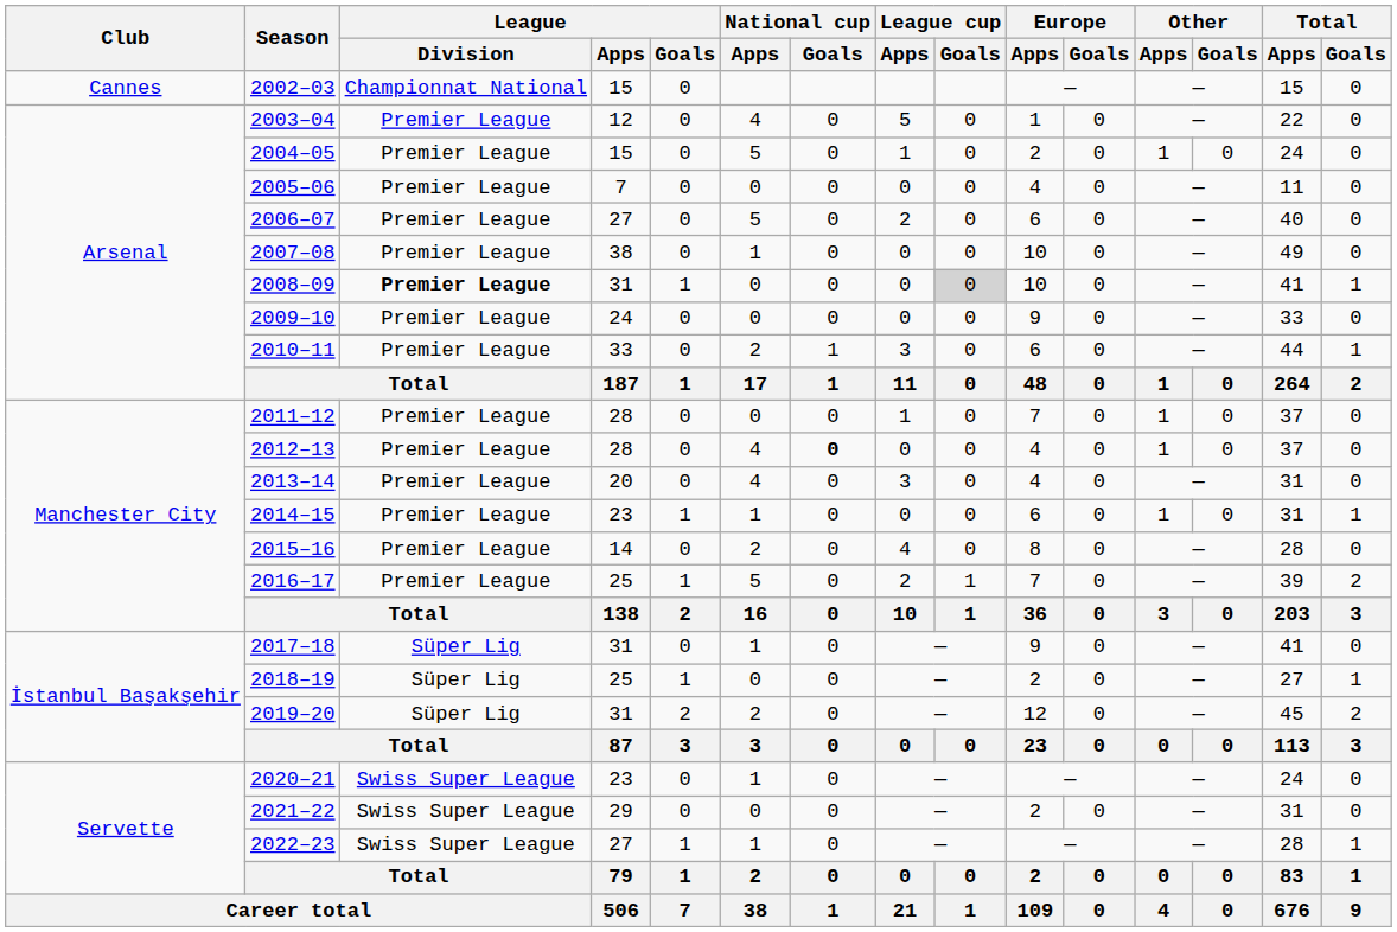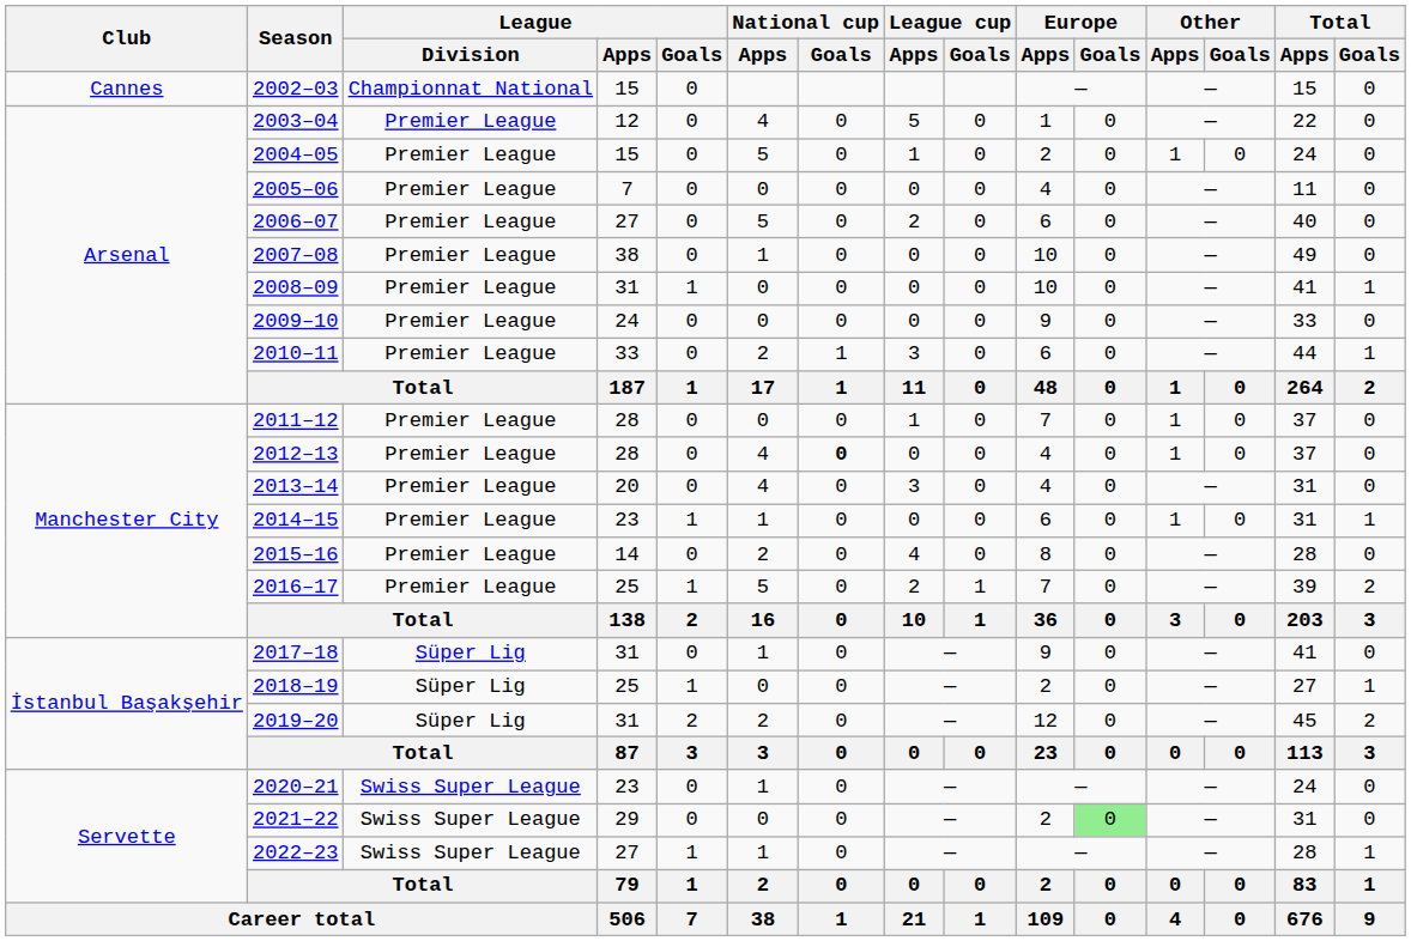 <table class="wikitable" style="text-align:center">
 <tr>
 <th rowspan="2">Club</th>
 <th rowspan="2">Season</th>
 <th colspan="3">League</th>
 <th colspan="2">National cup</th>
 <th colspan="2">League cup</th>
 <th colspan="2">Europe</th>
 <th colspan="2">Other</th>
 <th colspan="2">Total</th>
 </tr>
 <tr>
 <th>Division</th>
 <th>Apps</th>
 <th>Goals</th>
 <th>Apps</th>
 <th>Goals</th>
 <th>Apps</th>
 <th>Goals</th>
 <th>Apps</th>
 <th>Goals</th>
 <th>Apps</th>
 <th>Goals</th>
 <th>Apps</th>
 <th>Goals</th>
 </tr>
 <tr>
 <td><a href='#'>Cannes</a></td>
 <td><a href='#'>2002–03</a></td>
 <td><a href='#'>Championnat National</a></td>
 <td>15</td>
 <td>0</td>
 <td></td>
 <td></td>
 <td></td>
 <td></td>
 <td colspan="2">—</td>
 <td colspan="2">—</td>
 <td>15</td>
 <td>0</td>
 </tr>
 <tr>
 <td rowspan="9"><a href='#'>Arsenal</a></td>
 <td><a href='#'>2003–04</a></td>
 <td><a href='#'>Premier League</a></td>
 <td>12</td>
 <td>0</td>
 <td>4</td>
 <td>0</td>
 <td>5</td>
 <td>0</td>
 <td>1</td>
 <td>0</td>
 <td colspan="2">—</td>
 <td>22</td>
 <td>0</td>
 </tr>
 <tr>
 <td><a href='#'>2004–05</a></td>
 <td>Premier League</td>
 <td>15</td>
 <td>0</td>
 <td>5</td>
 <td>0</td>
 <td>1</td>
 <td>0</td>
 <td>2</td>
 <td>0</td>
 <td>1</td>
 <td>0</td>
 <td>24</td>
 <td>0</td>
 </tr>
 <tr>
 <td><a href='#'>2005–06</a></td>
 <td>Premier League</td>
 <td>7</td>
 <td>0</td>
 <td>0</td>
 <td>0</td>
 <td>0</td>
 <td>0</td>
 <td>4</td>
 <td>0</td>
 <td colspan="2">—</td>
 <td>11</td>
 <td>0</td>
 </tr>
 <tr>
 <td><a href='#'>2006–07</a></td>
 <td>Premier League</td>
 <td>27</td>
 <td>0</td>
 <td>5</td>
 <td>0</td>
 <td>2</td>
 <td>0</td>
 <td>6</td>
 <td>0</td>
 <td colspan="2">—</td>
 <td>40</td>
 <td>0</td>
 </tr>
 <tr>
 <td><a href='#'>2007–08</a></td>
 <td>Premier League</td>
 <td>38</td>
 <td>0</td>
 <td>1</td>
 <td>0</td>
 <td>0</td>
 <td>0</td>
 <td>10</td>
 <td>0</td>
 <td colspan="2">—</td>
 <td>49</td>
 <td>0</td>
 </tr>
 <tr>
 <td><a href='#'>2008–09</a></td>
-<td><strong>Premier League</strong></td>
+<td>Premier League</td>
 <td>31</td>
 <td>1</td>
 <td>0</td>
 <td>0</td>
 <td>0</td>
-<td style="background: lightgrey;">0</td>
+<td>0</td>
 <td>10</td>
 <td>0</td>
 <td colspan="2">—</td>
 <td>41</td>
 <td>1</td>
 </tr>
 <tr>
 <td><a href='#'>2009–10</a></td>
 <td>Premier League</td>
 <td>24</td>
 <td>0</td>
 <td>0</td>
 <td>0</td>
 <td>0</td>
 <td>0</td>
 <td>9</td>
 <td>0</td>
 <td colspan="2">—</td>
 <td>33</td>
 <td>0</td>
 </tr>
 <tr>
 <td><a href='#'>2010–11</a></td>
 <td>Premier League</td>
 <td>33</td>
 <td>0</td>
 <td>2</td>
 <td>1</td>
 <td>3</td>
 <td>0</td>
 <td>6</td>
 <td>0</td>
 <td colspan="2">—</td>
 <td>44</td>
 <td>1</td>
 </tr>
 <tr>
 <th colspan="2">Total</th>
 <th>187</th>
 <th>1</th>
 <th>17</th>
 <th>1</th>
 <th>11</th>
 <th>0</th>
 <th>48</th>
 <th>0</th>
 <th>1</th>
 <th>0</th>
 <th>264</th>
 <th>2</th>
 </tr>
 <tr>
 <td rowspan="7"><a href='#'>Manchester City</a></td>
 <td><a href='#'>2011–12</a></td>
 <td>Premier League</td>
 <td>28</td>
 <td>0</td>
 <td>0</td>
 <td>0</td>
 <td>1</td>
 <td>0</td>
 <td>7</td>
 <td>0</td>
 <td>1</td>
 <td>0</td>
 <td>37</td>
 <td>0</td>
 </tr>
 <tr>
 <td><a href='#'>2012–13</a></td>
 <td>Premier League</td>
 <td>28</td>
 <td>0</td>
 <td>4</td>
 <td><strong>0</strong></td>
 <td>0</td>
 <td>0</td>
 <td>4</td>
 <td>0</td>
 <td>1</td>
 <td>0</td>
 <td>37</td>
 <td>0</td>
 </tr>
 <tr>
 <td><a href='#'>2013–14</a></td>
 <td>Premier League</td>
 <td>20</td>
 <td>0</td>
 <td>4</td>
 <td>0</td>
 <td>3</td>
 <td>0</td>
 <td>4</td>
 <td>0</td>
 <td colspan="2">—</td>
 <td>31</td>
 <td>0</td>
 </tr>
 <tr>
 <td><a href='#'>2014–15</a></td>
 <td>Premier League</td>
 <td>23</td>
 <td>1</td>
 <td>1</td>
 <td>0</td>
 <td>0</td>
 <td>0</td>
 <td>6</td>
 <td>0</td>
 <td>1</td>
 <td>0</td>
 <td>31</td>
 <td>1</td>
 </tr>
 <tr>
 <td><a href='#'>2015–16</a></td>
 <td>Premier League</td>
 <td>14</td>
 <td>0</td>
 <td>2</td>
 <td>0</td>
 <td>4</td>
 <td>0</td>
 <td>8</td>
 <td>0</td>
 <td colspan="2">—</td>
 <td>28</td>
 <td>0</td>
 </tr>
 <tr>
 <td><a href='#'>2016–17</a></td>
 <td>Premier League</td>
 <td>25</td>
 <td>1</td>
 <td>5</td>
 <td>0</td>
 <td>2</td>
 <td>1</td>
 <td>7</td>
 <td>0</td>
 <td colspan="2">—</td>
 <td>39</td>
 <td>2</td>
 </tr>
 <tr>
 <th colspan="2">Total</th>
 <th>138</th>
 <th>2</th>
 <th>16</th>
 <th>0</th>
 <th>10</th>
 <th>1</th>
 <th>36</th>
 <th>0</th>
 <th>3</th>
 <th>0</th>
 <th>203</th>
 <th>3</th>
 </tr>
 <tr>
 <td rowspan="4"><a href='#'>İstanbul Başakşehir</a></td>
 <td><a href='#'>2017–18</a></td>
 <td><a href='#'>Süper Lig</a></td>
 <td>31</td>
 <td>0</td>
 <td>1</td>
 <td>0</td>
 <td colspan="2">—</td>
 <td>9</td>
 <td>0</td>
 <td colspan="2">—</td>
 <td>41</td>
 <td>0</td>
 </tr>
 <tr>
 <td><a href='#'>2018–19</a></td>
 <td>Süper Lig</td>
 <td>25</td>
 <td>1</td>
 <td>0</td>
 <td>0</td>
 <td colspan="2">—</td>
 <td>2</td>
 <td>0</td>
 <td colspan="2">—</td>
 <td>27</td>
 <td>1</td>
 </tr>
 <tr>
 <td><a href='#'>2019–20</a></td>
 <td>Süper Lig</td>
 <td>31</td>
 <td>2</td>
 <td>2</td>
 <td>0</td>
 <td colspan="2">—</td>
 <td>12</td>
 <td>0</td>
 <td colspan="2">—</td>
 <td>45</td>
 <td>2</td>
 </tr>
 <tr>
 <th colspan="2">Total</th>
 <th>87</th>
 <th>3</th>
 <th>3</th>
 <th>0</th>
 <th>0</th>
 <th>0</th>
 <th>23</th>
 <th>0</th>
 <th>0</th>
 <th>0</th>
 <th>113</th>
 <th>3</th>
 </tr>
 <tr>
 <td rowspan="4"><a href='#'>Servette</a></td>
 <td><a href='#'>2020–21</a></td>
 <td><a href='#'>Swiss Super League</a></td>
 <td>23</td>
 <td>0</td>
 <td>1</td>
 <td>0</td>
 <td colspan="2">—</td>
 <td colspan="2">—</td>
 <td colspan="2">—</td>
 <td>24</td>
 <td>0</td>
 </tr>
 <tr>
 <td><a href='#'>2021–22</a></td>
 <td>Swiss Super League</td>
 <td>29</td>
 <td>0</td>
 <td>0</td>
 <td>0</td>
 <td colspan="2">—</td>
 <td>2</td>
-<td>0</td>
+<td style="background: lightgreen;">0</td>
 <td colspan="2">—</td>
 <td>31</td>
 <td>0</td>
 </tr>
 <tr>
 <td><a href='#'>2022–23</a></td>
 <td>Swiss Super League</td>
 <td>27</td>
 <td>1</td>
 <td>1</td>
 <td>0</td>
 <td colspan="2">—</td>
 <td colspan="2">—</td>
 <td colspan="2">—</td>
 <td>28</td>
 <td>1</td>
 </tr>
 <tr>
 <th colspan="2">Total</th>
 <th>79</th>
 <th>1</th>
 <th>2</th>
 <th>0</th>
 <th>0</th>
 <th>0</th>
 <th>2</th>
 <th>0</th>
 <th>0</th>
 <th>0</th>
 <th>83</th>
 <th>1</th>
 </tr>
 <tr>
 <th colspan="3">Career total</th>
 <th>506</th>
 <th>7</th>
 <th>38</th>
 <th>1</th>
 <th>21</th>
 <th>1</th>
 <th>109</th>
 <th>0</th>
 <th>4</th>
 <th>0</th>
 <th>676</th>
 <th>9</th>
 </tr>
 </table>
